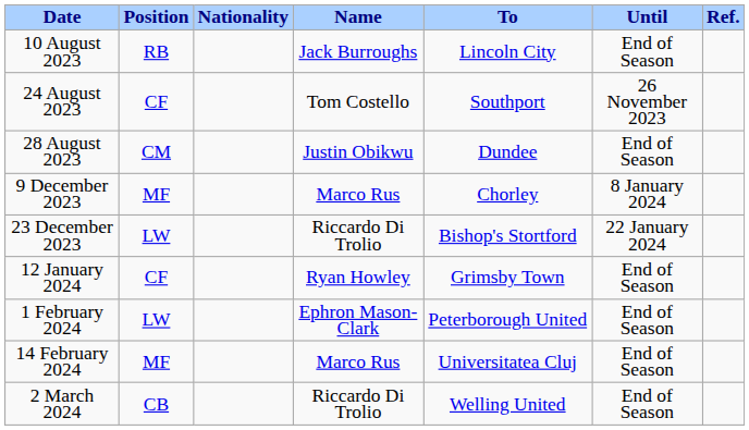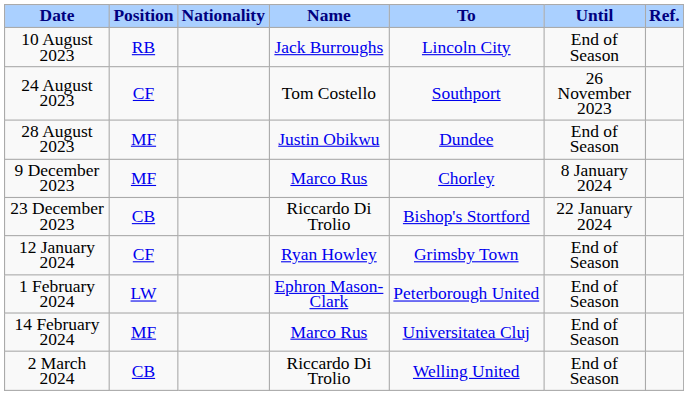 <table class="wikitable sortable alternance" style="font-size:100%; text-align:center; line-height:14px; width:100%;">
 <tr>
 <th style="background:#AAD0FF; color:#000080; width:120px;">Date</th>
 <th style="background:#AAD0FF; color:#000080; width:50px;">Position</th>
 <th style="background:#AAD0FF; color:#000080; width:50px;">Nationality</th>
 <th style="background:#AAD0FF; color:#000080; width:150px;">Name</th>
 <th style="background:#AAD0FF; color:#000080; width:200px;">To</th>
 <th style="background:#AAD0FF; color:#000080; width:110px;">Until</th>
 <th style="background:#AAD0FF; color:#000080; width:25px;">Ref.</th>
 </tr>
 <tr>
 <td>10 August 2023</td>
 <td><a href='#'>RB</a></td>
 <td></td>
 <td><a href='#'>Jack Burroughs</a></td>
 <td> <a href='#'>Lincoln City</a></td>
 <td>End of Season</td>
 <td></td>
 </tr>
 <tr>
 <td>24 August 2023</td>
 <td><a href='#'>CF</a></td>
 <td></td>
 <td>Tom Costello</td>
 <td> <a href='#'>Southport</a></td>
 <td>26 November 2023</td>
 <td></td>
 </tr>
 <tr>
 <td>28 August 2023</td>
-<td><a href='#'>CM</a></td>
+<td><a href='#'>MF</a></td>
 <td></td>
 <td><a href='#'>Justin Obikwu</a></td>
 <td> <a href='#'>Dundee</a></td>
 <td>End of Season</td>
 <td></td>
 </tr>
 <tr>
 <td>9 December 2023</td>
 <td><a href='#'>MF</a></td>
 <td></td>
 <td><a href='#'>Marco Rus</a></td>
 <td> <a href='#'>Chorley</a></td>
 <td>8 January 2024</td>
 <td></td>
 </tr>
 <tr>
 <td>23 December 2023</td>
-<td><a href='#'>LW</a></td>
+<td><a href='#'>CB</a></td>
 <td></td>
 <td>Riccardo Di Trolio</td>
 <td> <a href='#'>Bishop's Stortford</a></td>
 <td>22 January 2024</td>
 <td></td>
 </tr>
 <tr>
 <td>12 January 2024</td>
 <td><a href='#'>CF</a></td>
 <td></td>
 <td><a href='#'>Ryan Howley</a></td>
 <td> <a href='#'>Grimsby Town</a></td>
 <td>End of Season</td>
 <td></td>
 </tr>
 <tr>
 <td>1 February 2024</td>
 <td><a href='#'>LW</a></td>
 <td></td>
 <td><a href='#'>Ephron Mason-Clark</a></td>
 <td> <a href='#'>Peterborough United</a></td>
 <td>End of Season</td>
 <td></td>
 </tr>
 <tr>
 <td>14 February 2024</td>
 <td><a href='#'>MF</a></td>
 <td></td>
 <td><a href='#'>Marco Rus</a></td>
 <td> <a href='#'>Universitatea Cluj</a></td>
 <td>End of Season</td>
 <td></td>
 </tr>
 <tr>
 <td>2 March 2024</td>
 <td><a href='#'>CB</a></td>
 <td></td>
 <td>Riccardo Di Trolio</td>
 <td> <a href='#'>Welling United</a></td>
 <td>End of Season</td>
 <td></td>
 </tr>
 </table>
